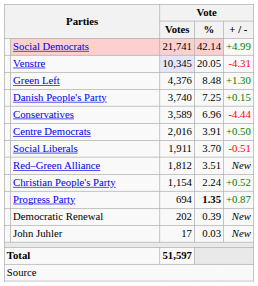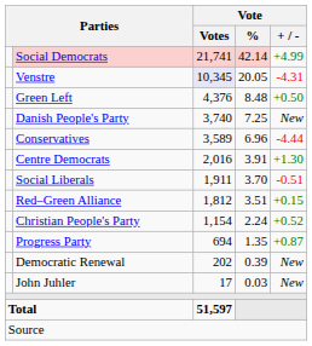 <table class="wikitable" style="text-align:right;">
 <tr>
 <th style="text-align:centre;" rowspan="2" colspan="2" width="225">Parties</th>
 <th colspan="3">Vote</th>
 </tr>
 <tr>
 <th width="15">Votes</th>
 <th width="15">%</th>
 <th width="15">+ / -</th>
 </tr>
 <tr>
 <td width="2" style="color:inherit;background:"></td>
 <td bgcolor=#fbd0ce  align="left"><a href='#'>Social Democrats</a></td>
 <td bgcolor=#fbd0ce>21,741</td>
 <td bgcolor=#fbd0ce>42.14</td>
 <td style=color:green;>+4.99</td>
 </tr>
 <tr>
 <td width="2" style="color:inherit;background:"></td>
 <td align="left"><a href='#'>Venstre</a></td>
 <td style="background: lavender;">10,345</td>
 <td>20.05</td>
 <td style=color:red;>-4.31</td>
 </tr>
 <tr>
 <td width="2" style="color:inherit;background:"></td>
 <td align="left"><a href='#'>Green Left</a></td>
 <td>4,376</td>
 <td>8.48</td>
-<td style=color:green;>+1.30</td>
+<td style=color:green;>+0.50</td>
 </tr>
 <tr>
 <td width="2" style="color:inherit;background:"></td>
 <td align="left"><a href='#'>Danish People's Party</a></td>
 <td>3,740</td>
 <td>7.25</td>
-<td style=color:green;>+0.15</td>
+<td><em>New</em></td>
 </tr>
 <tr>
 <td width="2" style="color:inherit;background:"></td>
 <td align="left"><a href='#'>Conservatives</a></td>
 <td>3,589</td>
 <td>6.96</td>
 <td style=color:red;>-4.44</td>
 </tr>
 <tr>
 <td width="2" style="color:inherit;background:"></td>
 <td align="left"><a href='#'>Centre Democrats</a></td>
 <td>2,016</td>
 <td>3.91</td>
-<td style=color:green;>+0.50</td>
+<td style=color:green;>+1.30</td>
 </tr>
 <tr>
 <td width="2" style="color:inherit;background:"></td>
 <td align="left"><a href='#'>Social Liberals</a></td>
 <td>1,911</td>
 <td>3.70</td>
 <td style=color:red;>-0.51</td>
 </tr>
 <tr>
 <td width="2" style="color:inherit;background:"></td>
 <td align="left"><a href='#'>Red–Green Alliance</a></td>
 <td>1,812</td>
 <td>3.51</td>
-<td><em>New</em></td>
+<td style=color:green;>+0.15</td>
 </tr>
 <tr>
 <td width="2" style="color:inherit;background:"></td>
 <td align="left"><a href='#'>Christian People's Party</a></td>
 <td>1,154</td>
 <td>2.24</td>
 <td style=color:green;>+0.52</td>
 </tr>
 <tr>
 <td width="2" style="color:inherit;background:"></td>
 <td align="left"><a href='#'>Progress Party</a></td>
 <td>694</td>
-<td><strong>1.35</strong></td>
+<td>1.35</td>
 <td style=color:green;>+0.87</td>
 </tr>
 <tr>
 <td width="2" style="color:inherit;background:"></td>
 <td align="left">Democratic Renewal</td>
 <td>202</td>
 <td>0.39</td>
 <td><em>New</em></td>
 </tr>
 <tr>
 <td width="2" style="color:inherit;background:"></td>
 <td align="left">John Juhler</td>
 <td>17</td>
 <td>0.03</td>
 <td><em>New</em></td>
 </tr>
 <tr>
 <td colspan="7" bgcolor="#E9E9E9"></td>
 </tr>
 <tr>
 <td align="left" colspan="2"><strong>Total</strong></td>
 <td><strong>51,597</strong></td>
 <td bgcolor="#E9E9E9" colspan="2"></td>
 </tr>
 <tr>
 <td align="left" colspan="6">Source</td>
 </tr>
 </table>
